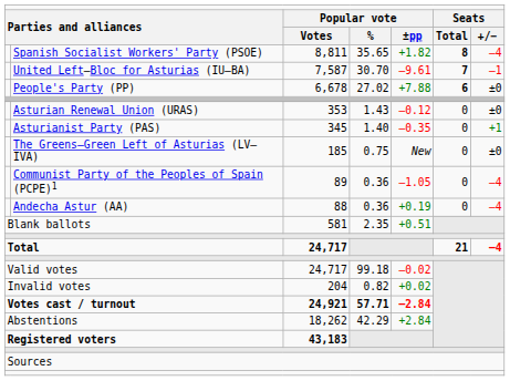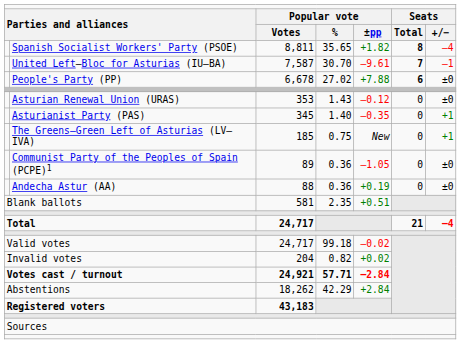 <table class="wikitable" style="text-align:right;">
 <tr>
 <td colspan="7"></td>
 </tr>
 <tr>
 <th style="text-align:left;" rowspan="2" colspan="2" width="525">Parties and alliances</th>
 <th colspan="3">Popular vote</th>
 <th colspan="2">Seats</th>
 </tr>
 <tr>
 <th width="75">Votes</th>
 <th width="45">%</th>
 <th width="45">±<a href='#'>pp</a></th>
 <th width="35">Total</th>
 <th width="35">+/−</th>
 </tr>
 <tr>
 <td width="1" style="color:inherit;background:"></td>
 <td align="left"><a href='#'>Spanish Socialist Workers' Party</a> (PSOE)</td>
 <td>8,811</td>
 <td>35.65</td>
 <td style="color:green;">+1.82</td>
 <td><strong>8</strong></td>
 <td style="color:red;">–4</td>
 </tr>
 <tr>
 <td style="color:inherit;background:"></td>
 <td align="left"><a href='#'>United Left</a>–<a href='#'>Bloc for Asturias</a> (IU–BA)</td>
 <td>7,587</td>
 <td>30.70</td>
 <td style="color:red;">–9.61</td>
 <td><strong>7</strong></td>
 <td style="color:red;">–1</td>
 </tr>
 <tr>
 <td style="color:inherit;background:"></td>
 <td align="left"><a href='#'>People's Party</a> (PP)</td>
 <td>6,678</td>
 <td>27.02</td>
 <td style="color:green;">+7.88</td>
 <td><strong>6</strong></td>
 <td>±0</td>
 </tr>
 <tr>
 <td colspan="7" bgcolor="#C0C0C0"></td>
 </tr>
 <tr>
 <td style="color:inherit;background:"></td>
 <td align="left"><a href='#'>Asturian Renewal Union</a> (URAS)</td>
 <td>353</td>
 <td>1.43</td>
 <td style="color:red;">–0.12</td>
 <td>0</td>
 <td>±0</td>
 </tr>
 <tr>
 <td style="color:inherit;background:"></td>
 <td align="left"><a href='#'>Asturianist Party</a> (PAS)</td>
 <td>345</td>
 <td>1.40</td>
 <td style="color:red;">–0.35</td>
 <td>0</td>
 <td style="color:green;">+1</td>
 </tr>
 <tr>
 <td style="color:inherit;background:"></td>
 <td align="left"><a href='#'>The Greens–Green Left of Asturias</a> (LV–IVA)</td>
 <td>185</td>
 <td>0.75</td>
 <td><em>New</em></td>
 <td>0</td>
-<td>±0</td>
+<td style="color:green;">+1</td>
 </tr>
 <tr>
 <td style="color:inherit;background:"></td>
 <td align="left"><a href='#'>Communist Party of the Peoples of Spain</a> (PCPE)<sup>1</sup></td>
 <td>89</td>
 <td>0.36</td>
 <td style="color:red;">–1.05</td>
 <td>0</td>
-<td style="color:red;">–4</td>
+<td>±0</td>
 </tr>
 <tr>
 <td style="color:inherit;background:"></td>
 <td align="left"><a href='#'>Andecha Astur</a> (AA)</td>
 <td>88</td>
 <td>0.36</td>
 <td style="color:green;">+0.19</td>
 <td>0</td>
-<td style="color:red;">–4</td>
+<td>±0</td>
 </tr>
 <tr>
 <td align="left" colspan="2">Blank ballots</td>
 <td>581</td>
 <td>2.35</td>
 <td style="color:green;">+0.51</td>
 <td bgcolor="#E9E9E9" colspan="2"></td>
 </tr>
 <tr>
 <td colspan="7" bgcolor="#E9E9E9"></td>
 </tr>
 <tr style="font-weight:bold;">
 <td align="left" colspan="2">Total</td>
 <td>24,717</td>
 <td bgcolor="#E9E9E9" colspan="2"></td>
 <td>21</td>
 <td style="color:red;">–4</td>
 </tr>
 <tr>
 <td colspan="7" bgcolor="#E9E9E9"></td>
 </tr>
 <tr>
 <td align="left" colspan="2">Valid votes</td>
 <td>24,717</td>
 <td>99.18</td>
 <td style="color:red;">–0.02</td>
 <td bgcolor="#E9E9E9" colspan="2" rowspan="5"></td>
 </tr>
 <tr>
 <td align="left" colspan="2">Invalid votes</td>
 <td>204</td>
 <td>0.82</td>
 <td style="color:green;">+0.02</td>
 </tr>
 <tr style="font-weight:bold;">
 <td align="left" colspan="2">Votes cast / turnout</td>
 <td>24,921</td>
 <td>57.71</td>
 <td style="color:red;">–2.84</td>
 </tr>
 <tr>
 <td align="left" colspan="2">Abstentions</td>
 <td>18,262</td>
 <td>42.29</td>
 <td style="color:green;">+2.84</td>
 </tr>
 <tr style="font-weight:bold;">
 <td align="left" colspan="2">Registered voters</td>
 <td>43,183</td>
 <td bgcolor="#E9E9E9" colspan="2"></td>
 </tr>
 <tr>
 <td colspan="7" bgcolor="#E9E9E9"></td>
 </tr>
 <tr>
 <td align="left" colspan="7">Sources</td>
 </tr>
 <tr>
 <td colspan="7" style="text-align:left; max-width:790px;"></td>
 </tr>
 </table>
